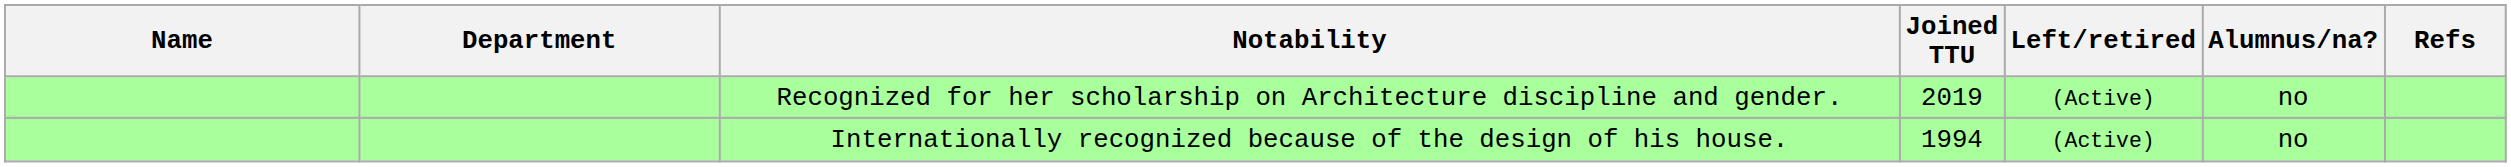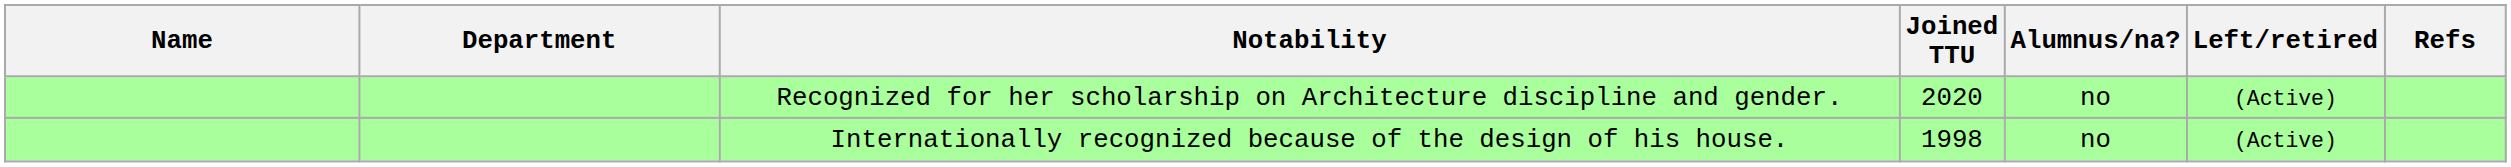 <table class="wikitable sortable" style="width:100%">
 <tr>
 <th width="15%">Name</th>
 <th width="15%">Department</th>
 <th width="50%">Notability</th>
 <th width="*">Joined TTU</th>
+<th width="*">Alumnus/na?</th>
 <th width="*">Left/retired</th>
-<th width="*">Alumnus/na?</th>
 <th width="5%" class="unsortable">Refs</th>
 </tr>
 <tr bgcolor="#A8FF9C">
 <td></td>
 <td></td>
 <td align="center">Recognized for her scholarship on Architecture discipline and gender.</td>
-<td align="center">2019</td>
+<td align="center">2020</td>
+<td align="center">no</td>
 <td align="center"><small>(Active)</small></td>
-<td align="center">no</td>
 <td align="center"></td>
 </tr>
 <tr bgcolor="#A8FF9C">
 <td></td>
 <td></td>
 <td align="center">Internationally recognized because of the design of his house.</td>
-<td align="center">1994</td>
+<td align="center">1998</td>
+<td align="center">no</td>
 <td align="center"><small>(Active)</small></td>
-<td align="center">no</td>
 <td align="center"></td>
 </tr>
 </table>
